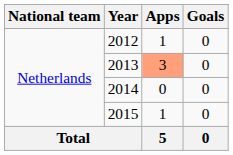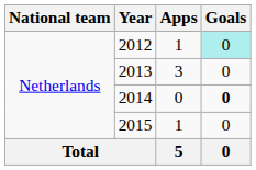 <table class="wikitable" style="text-align:center">
 <tr>
 <th>National team</th>
 <th>Year</th>
 <th>Apps</th>
 <th>Goals</th>
 </tr>
 <tr>
 <td rowspan="4"><a href='#'>Netherlands</a></td>
 <td>2012</td>
 <td>1</td>
-<td>0</td>
+<td style="background: paleturquoise;">0</td>
 </tr>
 <tr>
 <td>2013</td>
-<td style="background: lightsalmon;">3</td>
+<td>3</td>
 <td>0</td>
 </tr>
 <tr>
 <td>2014</td>
 <td>0</td>
-<td>0</td>
+<td><strong>0</strong></td>
 </tr>
 <tr>
 <td>2015</td>
 <td>1</td>
 <td>0</td>
 </tr>
 <tr>
 <th colspan="2">Total</th>
 <th>5</th>
 <th>0</th>
 </tr>
 </table>
